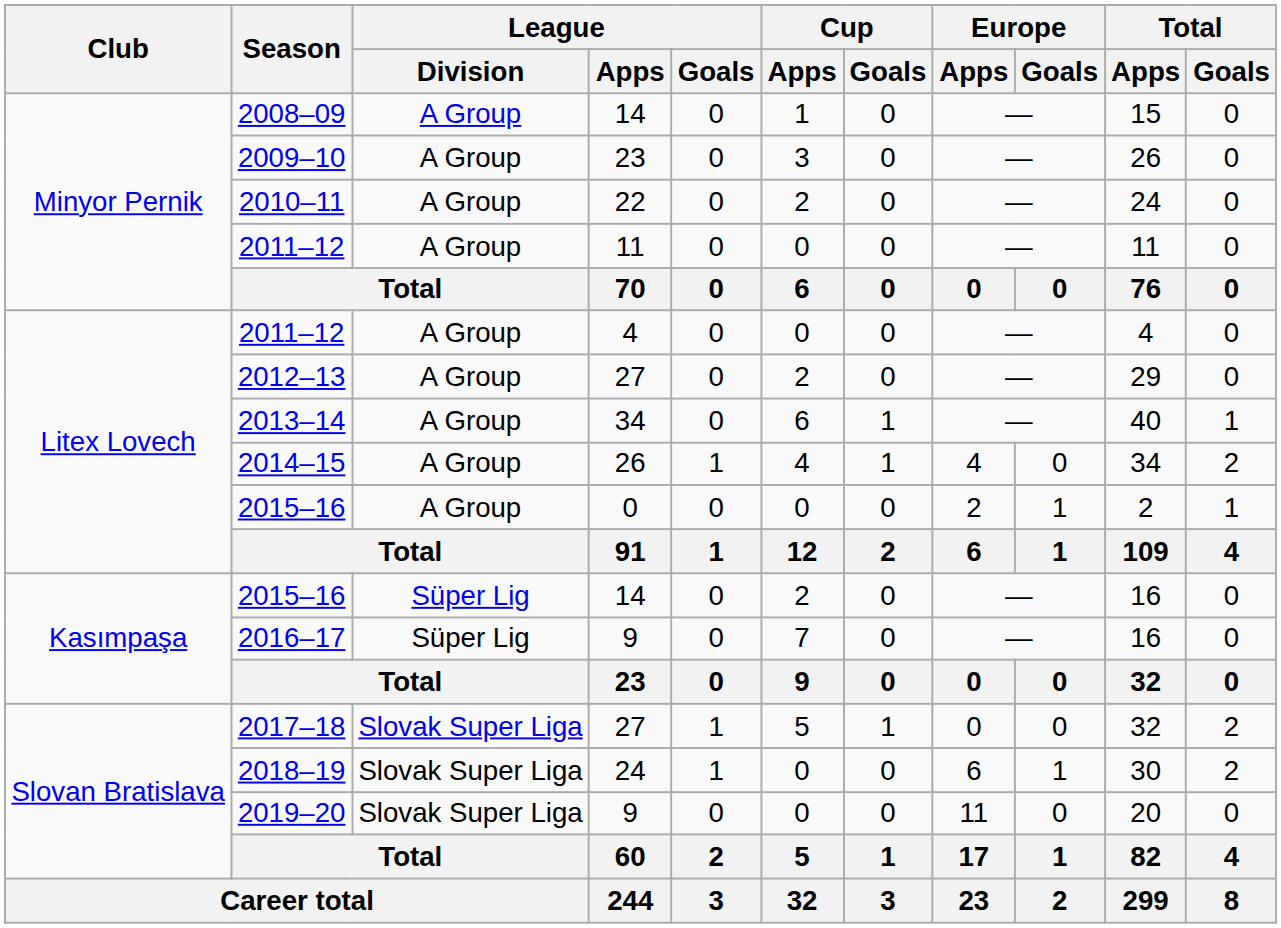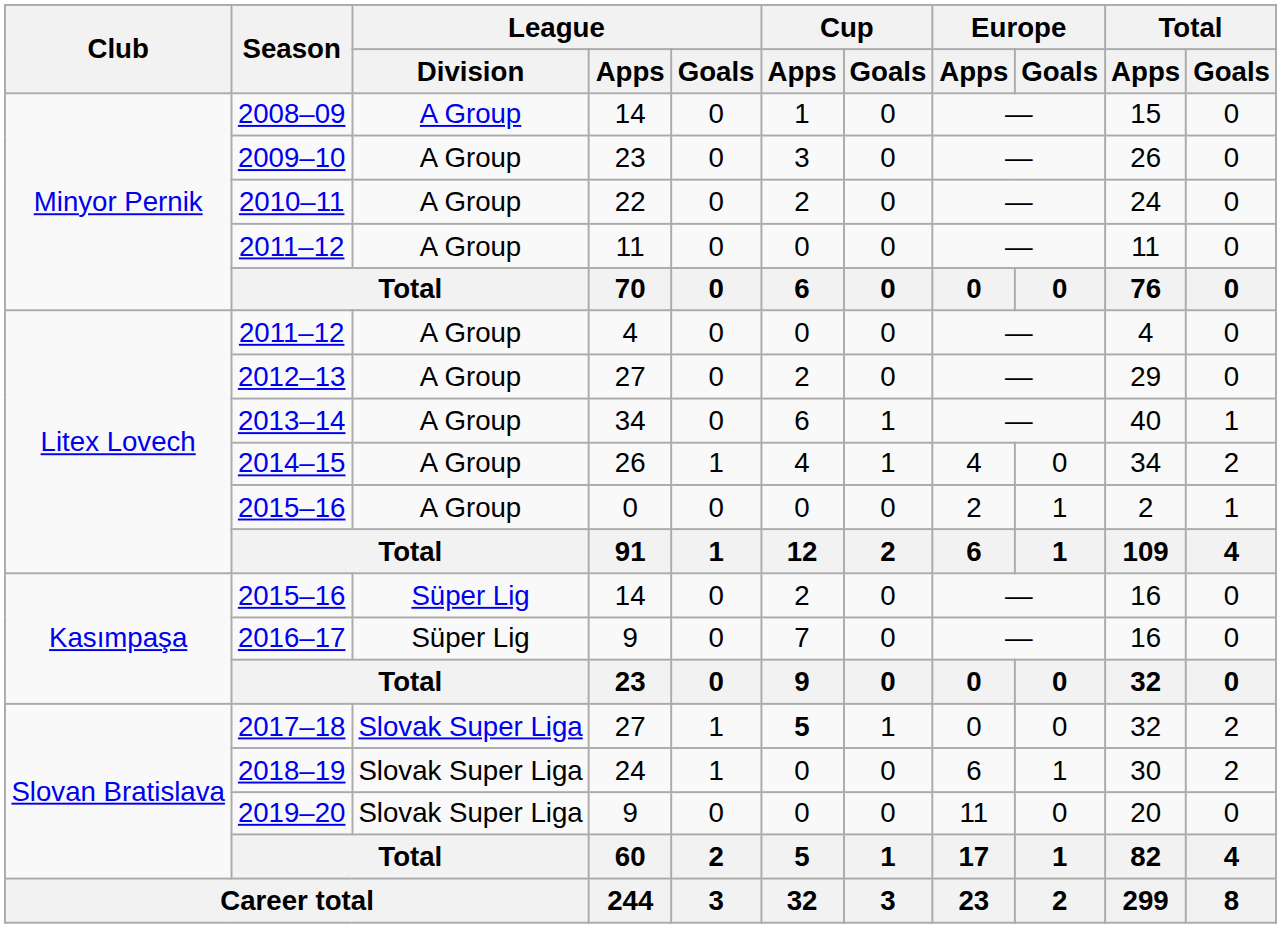 <table class="wikitable" style="font-size:90%; text-align: center">
 <tr>
 <th rowspan=2>Club</th>
 <th rowspan=2>Season</th>
 <th colspan=3>League</th>
 <th colspan=2>Cup</th>
 <th colspan=2>Europe</th>
 <th colspan=2>Total</th>
 </tr>
 <tr>
 <th>Division</th>
 <th>Apps</th>
 <th>Goals</th>
 <th>Apps</th>
 <th>Goals</th>
 <th>Apps</th>
 <th>Goals</th>
 <th>Apps</th>
 <th>Goals</th>
 </tr>
 <tr>
 <td rowspan=5><a href='#'>Minyor Pernik</a></td>
 <td><a href='#'>2008–09</a></td>
 <td><a href='#'>A Group</a></td>
 <td>14</td>
 <td>0</td>
 <td>1</td>
 <td>0</td>
 <td colspan="2">—</td>
 <td>15</td>
 <td>0</td>
 </tr>
 <tr>
 <td><a href='#'>2009–10</a></td>
 <td>A Group</td>
 <td>23</td>
 <td>0</td>
 <td>3</td>
 <td>0</td>
 <td colspan="2">—</td>
 <td>26</td>
 <td>0</td>
 </tr>
 <tr>
 <td><a href='#'>2010–11</a></td>
 <td>A Group</td>
 <td>22</td>
 <td>0</td>
 <td>2</td>
 <td>0</td>
 <td colspan="2">—</td>
 <td>24</td>
 <td>0</td>
 </tr>
 <tr>
 <td><a href='#'>2011–12</a></td>
 <td>A Group</td>
 <td>11</td>
 <td>0</td>
 <td>0</td>
 <td>0</td>
 <td colspan="2">—</td>
 <td>11</td>
 <td>0</td>
 </tr>
 <tr>
 <th colspan=2>Total</th>
 <th>70</th>
 <th>0</th>
 <th>6</th>
 <th>0</th>
 <th>0</th>
 <th>0</th>
 <th>76</th>
 <th>0</th>
 </tr>
 <tr>
 <td rowspan=6><a href='#'>Litex Lovech</a></td>
 <td><a href='#'>2011–12</a></td>
 <td>A Group</td>
 <td>4</td>
 <td>0</td>
 <td>0</td>
 <td>0</td>
 <td colspan="2">—</td>
 <td>4</td>
 <td>0</td>
 </tr>
 <tr>
 <td><a href='#'>2012–13</a></td>
 <td>A Group</td>
 <td>27</td>
 <td>0</td>
 <td>2</td>
 <td>0</td>
 <td colspan="2">—</td>
 <td>29</td>
 <td>0</td>
 </tr>
 <tr>
 <td><a href='#'>2013–14</a></td>
 <td>A Group</td>
 <td>34</td>
 <td>0</td>
 <td>6</td>
 <td>1</td>
 <td colspan="2">—</td>
 <td>40</td>
 <td>1</td>
 </tr>
 <tr>
 <td><a href='#'>2014–15</a></td>
 <td>A Group</td>
 <td>26</td>
 <td>1</td>
 <td>4</td>
 <td>1</td>
 <td>4</td>
 <td>0</td>
 <td>34</td>
 <td>2</td>
 </tr>
 <tr>
 <td><a href='#'>2015–16</a></td>
 <td>A Group</td>
 <td>0</td>
 <td>0</td>
 <td>0</td>
 <td>0</td>
 <td>2</td>
 <td>1</td>
 <td>2</td>
 <td>1</td>
 </tr>
 <tr>
 <th colspan=2>Total</th>
 <th>91</th>
 <th>1</th>
 <th>12</th>
 <th>2</th>
 <th>6</th>
 <th>1</th>
 <th>109</th>
 <th>4</th>
 </tr>
 <tr>
 <td rowspan=3><a href='#'>Kasımpaşa</a></td>
 <td><a href='#'>2015–16</a></td>
 <td><a href='#'>Süper Lig</a></td>
 <td>14</td>
 <td>0</td>
 <td>2</td>
 <td>0</td>
 <td colspan="2">—</td>
 <td>16</td>
 <td>0</td>
 </tr>
 <tr>
 <td><a href='#'>2016–17</a></td>
 <td>Süper Lig</td>
 <td>9</td>
 <td>0</td>
 <td>7</td>
 <td>0</td>
 <td colspan="2">—</td>
 <td>16</td>
 <td>0</td>
 </tr>
 <tr>
 <th colspan=2>Total</th>
 <th>23</th>
 <th>0</th>
 <th>9</th>
 <th>0</th>
 <th>0</th>
 <th>0</th>
 <th>32</th>
 <th>0</th>
 </tr>
 <tr>
 <td rowspan=4><a href='#'>Slovan Bratislava</a></td>
 <td><a href='#'>2017–18</a></td>
 <td><a href='#'>Slovak Super Liga</a></td>
 <td>27</td>
 <td>1</td>
-<td>5</td>
+<td><strong>5</strong></td>
 <td>1</td>
 <td>0</td>
 <td>0</td>
 <td>32</td>
 <td>2</td>
 </tr>
 <tr>
 <td><a href='#'>2018–19</a></td>
 <td>Slovak Super Liga</td>
 <td>24</td>
 <td>1</td>
 <td>0</td>
 <td>0</td>
 <td>6</td>
 <td>1</td>
 <td>30</td>
 <td>2</td>
 </tr>
 <tr>
 <td><a href='#'>2019–20</a></td>
 <td>Slovak Super Liga</td>
 <td>9</td>
 <td>0</td>
 <td>0</td>
 <td>0</td>
 <td>11</td>
 <td>0</td>
 <td>20</td>
 <td>0</td>
 </tr>
 <tr>
 <th colspan=2>Total</th>
 <th>60</th>
 <th>2</th>
 <th>5</th>
 <th>1</th>
 <th>17</th>
 <th>1</th>
 <th>82</th>
 <th>4</th>
 </tr>
 <tr>
 <th colspan=3>Career total</th>
 <th>244</th>
 <th>3</th>
 <th>32</th>
 <th>3</th>
 <th>23</th>
 <th>2</th>
 <th>299</th>
 <th>8</th>
 </tr>
 </table>
